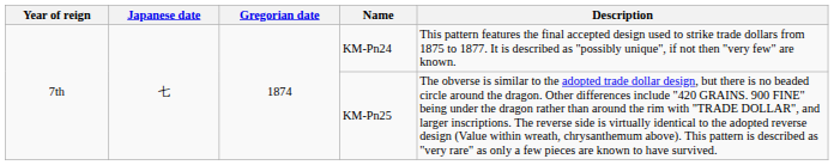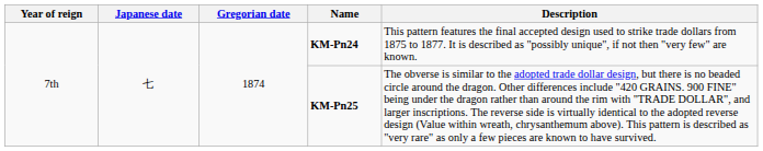 <table class="wikitable unsortable" width="85%">
 <tr>
 <th>Year of reign</th>
 <th><a href='#'>Japanese date</a></th>
 <th><a href='#'>Gregorian date</a></th>
 <th>Name</th>
 <th width="50%">Description</th>
 </tr>
 <tr>
 <td align="center" rowspan=2>7th</td>
 <td align="center" rowspan=2>七</td>
 <td align="center" rowspan=2>1874</td>
-<td>KM-Pn24</td>
+<td><strong>KM-Pn24</strong></td>
 <td>This pattern features the final accepted design used to strike trade dollars from 1875 to 1877. It is described as "possibly unique", if not then "very few" are known.</td>
 </tr>
 <tr>
-<td>KM-Pn25</td>
+<td><strong>KM-Pn25</strong></td>
 <td>The obverse is similar to the <a href='#'>adopted trade dollar design</a>, but there is no beaded circle around the dragon. Other differences include "420 GRAINS. 900 FINE" being under the dragon rather than around the rim with "TRADE DOLLAR", and larger inscriptions. The reverse side is virtually identical to the adopted reverse design (Value within wreath, chrysanthemum above). This pattern is described as "very rare" as only a few pieces are known to have survived.</td>
 </tr>
 </table>
